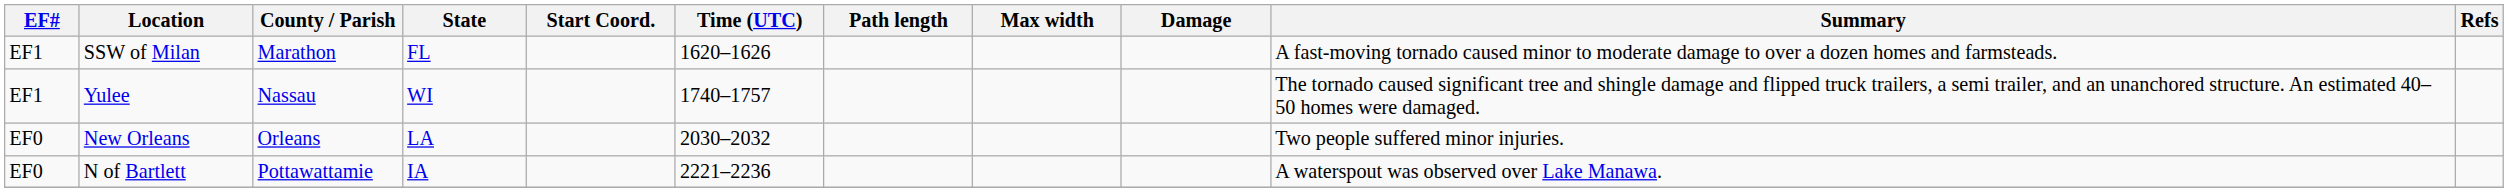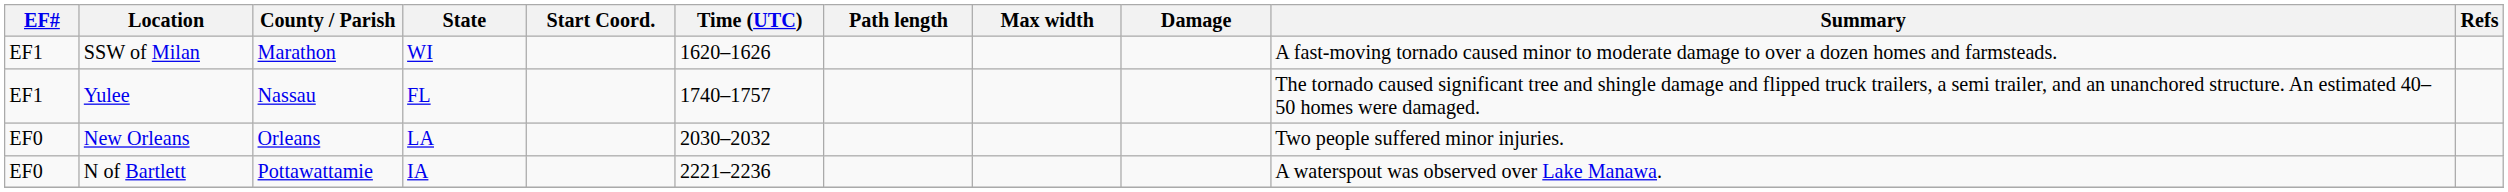 <table class="wikitable sortable" style="width:100%;">
 <tr>
 <th scope="col" width="3%" align="center"><a href='#'>EF#</a></th>
 <th scope="col" width="7%" align="center" class="unsortable">Location</th>
 <th scope="col" width="6%" align="center" class="unsortable">County / Parish</th>
 <th scope="col" width="5%" align="center">State</th>
 <th scope="col" width="6%" align="center">Start Coord.</th>
 <th scope="col" width="6%" align="center">Time (<a href='#'>UTC</a>)</th>
 <th scope="col" width="6%" align="center">Path length</th>
 <th scope="col" width="6%" align="center">Max width</th>
 <th scope="col" width="6%" align="center">Damage</th>
 <th scope="col" width="48%" class="unsortable" align="center">Summary</th>
 <th scope="col" width="48%" class="unsortable" align="center">Refs</th>
 </tr>
 <tr>
 <td>EF1</td>
 <td>SSW of <a href='#'>Milan</a></td>
 <td><a href='#'>Marathon</a></td>
-<td><a href='#'>FL</a></td>
+<td><a href='#'>WI</a></td>
 <td></td>
 <td>1620–1626</td>
 <td></td>
 <td></td>
 <td></td>
 <td>A fast-moving tornado caused minor to moderate damage to over a dozen homes and farmsteads.</td>
 <td></td>
 </tr>
 <tr>
 <td>EF1</td>
 <td><a href='#'>Yulee</a></td>
 <td><a href='#'>Nassau</a></td>
-<td><a href='#'>WI</a></td>
+<td><a href='#'>FL</a></td>
 <td></td>
 <td>1740–1757</td>
 <td></td>
 <td></td>
 <td></td>
 <td>The tornado caused significant tree and shingle damage and flipped truck trailers, a semi trailer, and an unanchored structure. An estimated 40–50 homes were damaged.</td>
 <td></td>
 </tr>
 <tr>
 <td>EF0</td>
 <td><a href='#'>New Orleans</a></td>
 <td><a href='#'>Orleans</a></td>
 <td><a href='#'>LA</a></td>
 <td></td>
 <td>2030–2032</td>
 <td></td>
 <td></td>
 <td></td>
 <td>Two people suffered minor injuries.</td>
 <td></td>
 </tr>
 <tr>
 <td>EF0</td>
 <td>N of <a href='#'>Bartlett</a></td>
 <td><a href='#'>Pottawattamie</a></td>
 <td><a href='#'>IA</a></td>
 <td></td>
 <td>2221–2236</td>
 <td></td>
 <td></td>
 <td></td>
 <td>A waterspout was observed over <a href='#'>Lake Manawa</a>.</td>
 <td></td>
 </tr>
 <tr>
 </tr>
 </table>
